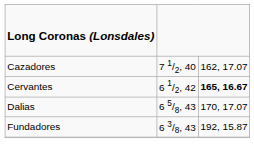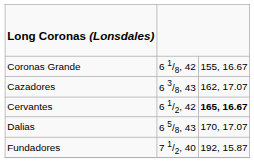 <table class="wikitable" style="font-size: 85%; margin:1em auto;">
 <tr>
 <td><br><h3>Long Coronas <em>(Lonsdales)</em></h3></td>
 </tr>
 <tr>
+<td>Coronas Grande</td>
+<td>6 <sup>1</sup>/<sub>8</sub>, 42</td>
+<td>155, 16.67</td>
+</tr>
+<tr>
 <td>Cazadores</td>
-<td>7 <sup>1</sup>/<sub>2</sub>, 40</td>
+<td>6 <sup>3</sup>/<sub>8</sub>, 43</td>
 <td>162, 17.07</td>
 </tr>
 <tr>
 <td>Cervantes</td>
 <td>6 <sup>1</sup>/<sub>2</sub>, 42</td>
 <td><strong>165, 16.67</strong></td>
 </tr>
 <tr>
 <td>Dalias</td>
 <td>6 <sup>5</sup>/<sub>8</sub>, 43</td>
 <td>170, 17.07</td>
 </tr>
 <tr>
 <td>Fundadores</td>
-<td>6 <sup>3</sup>/<sub>8</sub>, 43</td>
+<td>7 <sup>1</sup>/<sub>2</sub>, 40</td>
 <td>192, 15.87</td>
 </tr>
 <tr>
 </tr>
 </table>
